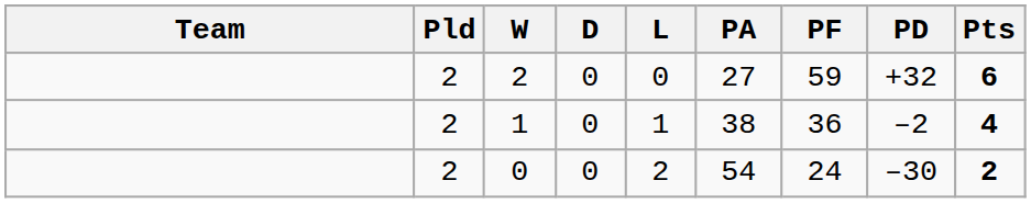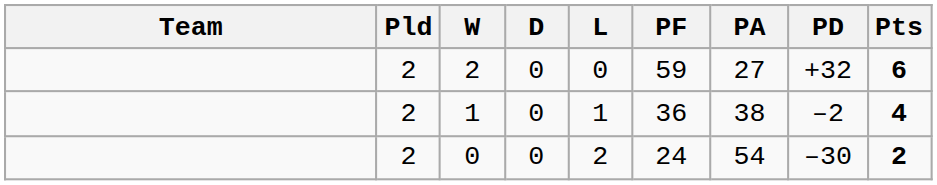 <table class="wikitable" style="text-align:center;">
 <tr>
 <th width=175>Team</th>
 <th width=25 abbr="Played">Pld</th>
 <th width=25 abbr="Won">W</th>
 <th width=25 abbr="Drawn">D</th>
 <th width=25 abbr="Lost">L</th>
+<th width=32 abbr="Points for">PF</th>
 <th width=32 abbr="Points against">PA</th>
-<th width=32 abbr="Points for">PF</th>
 <th width=32 abbr="Points difference">PD</th>
 <th width=25 abbr="Points">Pts</th>
 </tr>
 <tr>
 <td align=left></td>
 <td>2</td>
 <td>2</td>
 <td>0</td>
 <td>0</td>
+<td>59</td>
 <td>27</td>
-<td>59</td>
 <td>+32</td>
 <td><strong>6</strong></td>
 </tr>
 <tr>
 <td align=left></td>
 <td>2</td>
 <td>1</td>
 <td>0</td>
 <td>1</td>
+<td>36</td>
 <td>38</td>
-<td>36</td>
 <td>–2</td>
 <td><strong>4</strong></td>
 </tr>
 <tr>
 <td align=left></td>
 <td>2</td>
 <td>0</td>
 <td>0</td>
 <td>2</td>
+<td>24</td>
 <td>54</td>
-<td>24</td>
 <td>–30</td>
 <td><strong>2</strong></td>
 </tr>
 </table>
